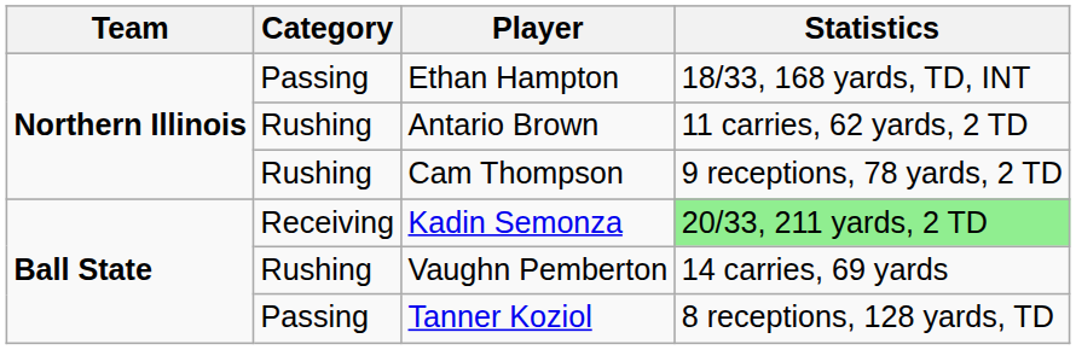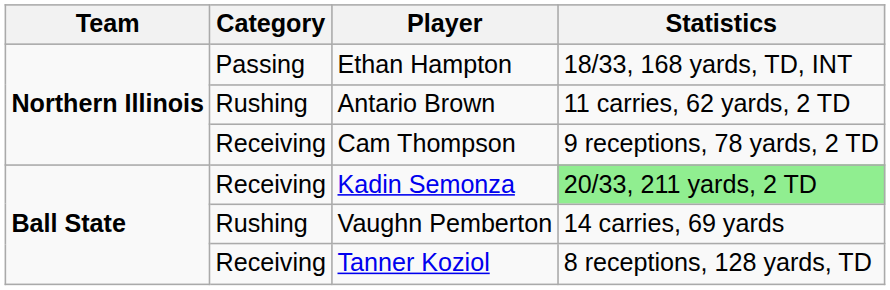 <table class="wikitable" style="float: right;">
 <tr>
 <th>Team</th>
 <th>Category</th>
 <th>Player</th>
 <th>Statistics</th>
 </tr>
 <tr>
 <td rowspan=3><strong>Northern Illinois</strong></td>
 <td>Passing</td>
 <td>Ethan Hampton</td>
 <td>18/33, 168 yards, TD, INT</td>
 </tr>
 <tr>
 <td>Rushing</td>
 <td>Antario Brown</td>
 <td>11 carries, 62 yards, 2 TD</td>
 </tr>
 <tr>
-<td>Rushing</td>
+<td>Receiving</td>
 <td>Cam Thompson</td>
 <td>9 receptions, 78 yards, 2 TD</td>
 </tr>
 <tr>
 <td rowspan=3><strong>Ball State</strong></td>
 <td>Receiving</td>
 <td><a href='#'>Kadin Semonza</a></td>
 <td style="background: lightgreen;">20/33, 211 yards, 2 TD</td>
 </tr>
 <tr>
 <td>Rushing</td>
 <td>Vaughn Pemberton</td>
 <td>14 carries, 69 yards</td>
 </tr>
 <tr>
-<td>Passing</td>
+<td>Receiving</td>
 <td><a href='#'>Tanner Koziol</a></td>
 <td>8 receptions, 128 yards, TD</td>
 </tr>
 </table>
